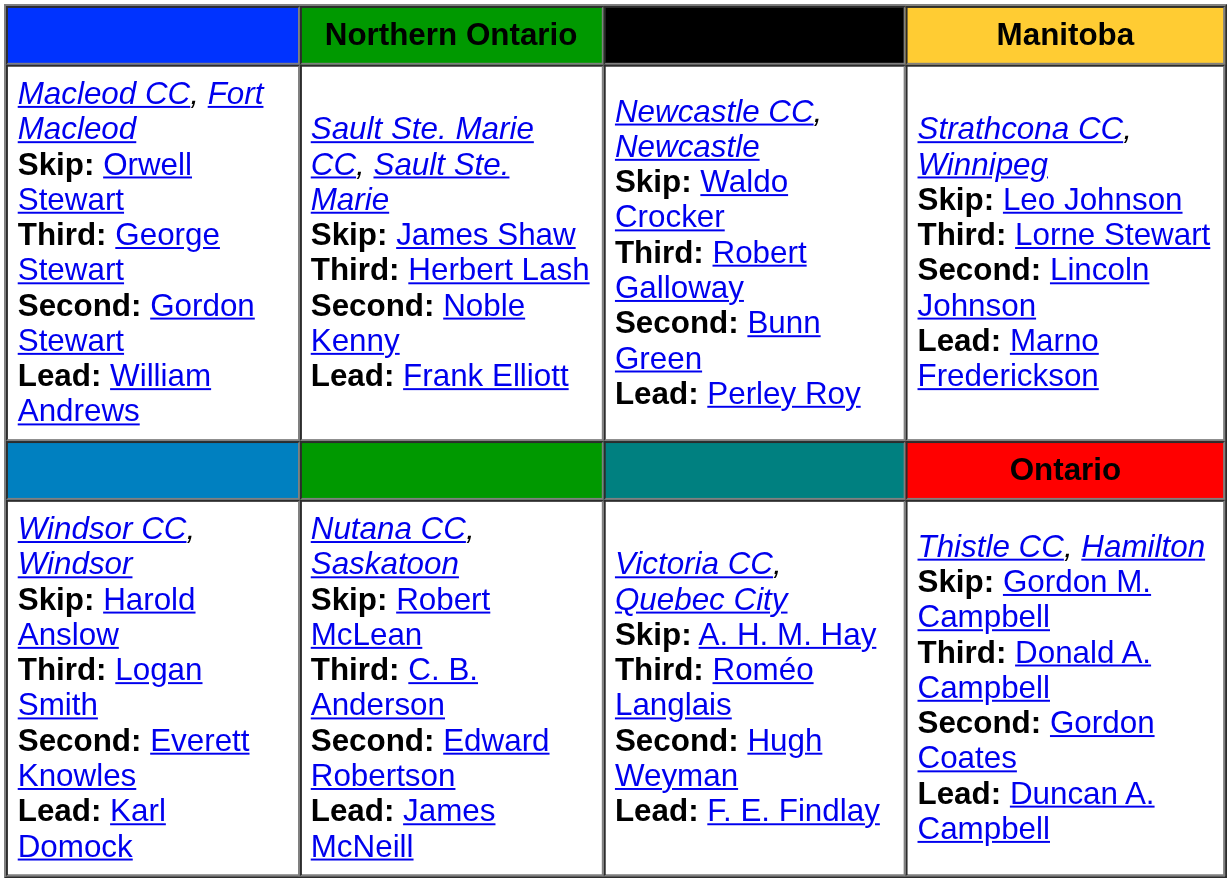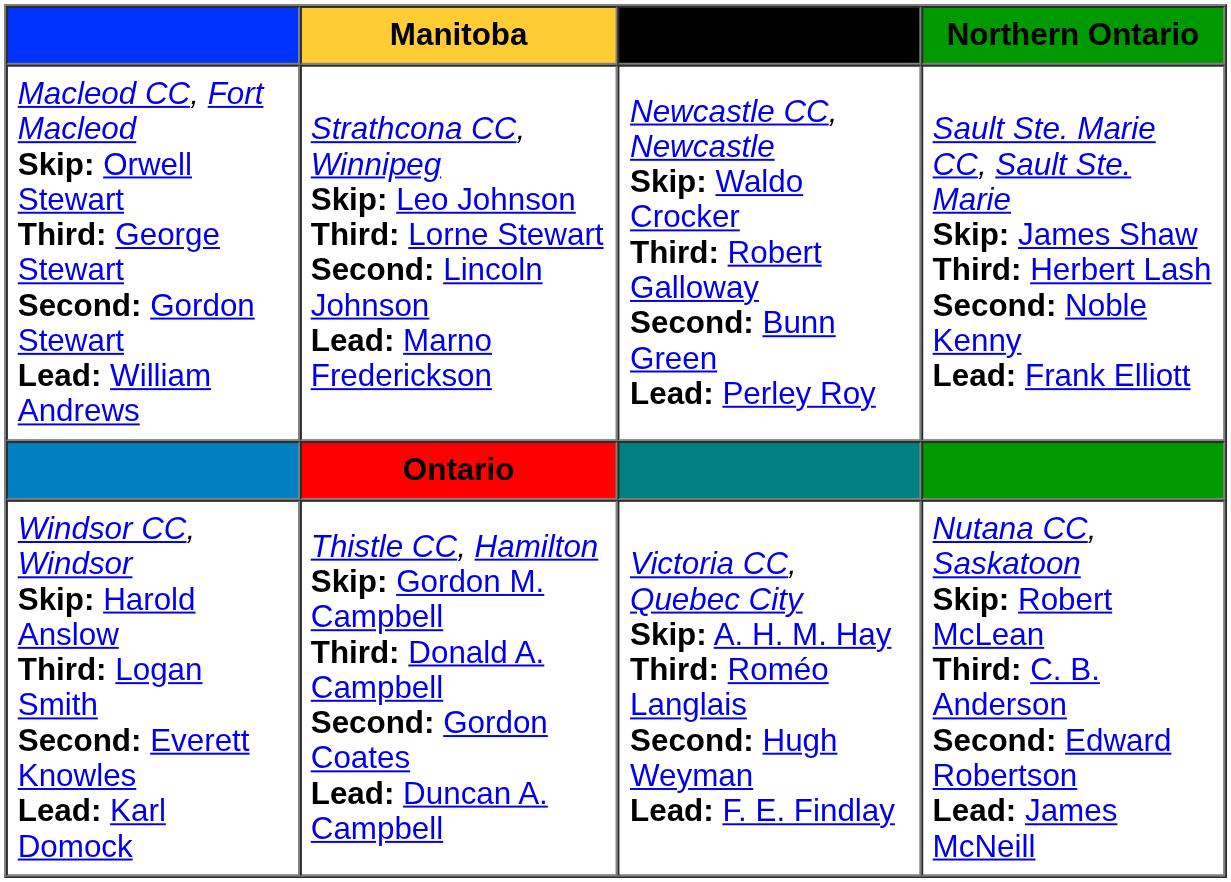 <table - border=1 cellpadding=5 cellspacing=0>
 <tr>
 <th bgcolor=#0033FF width=200></th>
+<th style="background:#FFCC33; width:200px;">Manitoba</th>
+<th bgcolor=#000000 width=200></th>
 <th style="background:#009900; width:200px;">Northern Ontario</th>
-<th bgcolor=#000000 width=200></th>
-<th style="background:#FFCC33; width:200px;">Manitoba</th>
 </tr>
 <tr>
 <td><em><a href='#'>Macleod CC</a>, <a href='#'>Fort Macleod</a></em><br><strong>Skip:</strong> <a href='#'>Orwell Stewart</a><br> <strong>Third:</strong> <a href='#'>George Stewart</a><br> <strong>Second:</strong> <a href='#'>Gordon Stewart</a><br> <strong>Lead:</strong> <a href='#'>William Andrews</a></td>
+<td><em><a href='#'>Strathcona CC</a>, <a href='#'>Winnipeg</a></em><br><strong>Skip:</strong> <a href='#'>Leo Johnson</a><br> <strong>Third:</strong> <a href='#'>Lorne Stewart</a><br> <strong>Second:</strong> <a href='#'>Lincoln Johnson</a><br> <strong>Lead:</strong> <a href='#'>Marno Frederickson</a></td>
+<td><em><a href='#'>Newcastle CC</a>, <a href='#'>Newcastle</a></em><br><strong>Skip:</strong> <a href='#'>Waldo Crocker</a><br> <strong>Third:</strong> <a href='#'>Robert Galloway</a><br> <strong>Second:</strong> <a href='#'>Bunn Green</a><br> <strong>Lead:</strong> <a href='#'>Perley Roy</a></td>
 <td><em><a href='#'>Sault Ste. Marie CC</a>, <a href='#'>Sault Ste. Marie</a></em><br><strong>Skip:</strong> <a href='#'>James Shaw</a><br> <strong>Third:</strong> <a href='#'>Herbert Lash</a><br> <strong>Second:</strong> <a href='#'>Noble Kenny</a><br> <strong>Lead:</strong> <a href='#'>Frank Elliott</a></td>
-<td><em><a href='#'>Newcastle CC</a>, <a href='#'>Newcastle</a></em><br><strong>Skip:</strong> <a href='#'>Waldo Crocker</a><br> <strong>Third:</strong> <a href='#'>Robert Galloway</a><br> <strong>Second:</strong> <a href='#'>Bunn Green</a><br> <strong>Lead:</strong> <a href='#'>Perley Roy</a></td>
-<td><em><a href='#'>Strathcona CC</a>, <a href='#'>Winnipeg</a></em><br><strong>Skip:</strong> <a href='#'>Leo Johnson</a><br> <strong>Third:</strong> <a href='#'>Lorne Stewart</a><br> <strong>Second:</strong> <a href='#'>Lincoln Johnson</a><br> <strong>Lead:</strong> <a href='#'>Marno Frederickson</a></td>
 </tr>
 <tr border=1 cellpadding=5 cellspacing=0>
 <th bgcolor=#0080C0 width=200></th>
+<th bgcolor=#FF0000 width=200>Ontario</th>
+<th style="background:#008080; width:200px;"></th>
 <th bgcolor=#009900 width=200></th>
-<th style="background:#008080; width:200px;"></th>
-<th bgcolor=#FF0000 width=200>Ontario</th>
 </tr>
 <tr>
 <td><em><a href='#'>Windsor CC</a>, <a href='#'>Windsor</a></em><br><strong>Skip:</strong> <a href='#'>Harold Anslow</a><br> <strong>Third:</strong> <a href='#'>Logan Smith</a><br> <strong>Second:</strong> <a href='#'>Everett Knowles</a><br> <strong>Lead:</strong> <a href='#'>Karl Domock</a></td>
+<td><em><a href='#'>Thistle CC</a>, <a href='#'>Hamilton</a></em><br><strong>Skip:</strong> <a href='#'>Gordon M. Campbell</a><br> <strong>Third:</strong> <a href='#'>Donald A. Campbell</a><br> <strong>Second:</strong> <a href='#'>Gordon Coates</a><br> <strong>Lead:</strong> <a href='#'>Duncan A. Campbell</a></td>
+<td><em><a href='#'>Victoria CC</a>, <a href='#'>Quebec City</a></em><br><strong>Skip:</strong> <a href='#'>A. H. M. Hay</a><br> <strong>Third:</strong> <a href='#'>Roméo Langlais</a><br> <strong>Second:</strong> <a href='#'>Hugh Weyman</a><br> <strong>Lead:</strong> <a href='#'>F. E. Findlay</a></td>
 <td><em><a href='#'>Nutana CC</a>, <a href='#'>Saskatoon</a></em><br><strong>Skip:</strong> <a href='#'>Robert McLean</a><br> <strong>Third:</strong> <a href='#'>C. B. Anderson</a><br> <strong>Second:</strong> <a href='#'>Edward Robertson</a><br> <strong>Lead:</strong> <a href='#'>James McNeill</a></td>
-<td><em><a href='#'>Victoria CC</a>, <a href='#'>Quebec City</a></em><br><strong>Skip:</strong> <a href='#'>A. H. M. Hay</a><br> <strong>Third:</strong> <a href='#'>Roméo Langlais</a><br> <strong>Second:</strong> <a href='#'>Hugh Weyman</a><br> <strong>Lead:</strong> <a href='#'>F. E. Findlay</a></td>
-<td><em><a href='#'>Thistle CC</a>, <a href='#'>Hamilton</a></em><br><strong>Skip:</strong> <a href='#'>Gordon M. Campbell</a><br> <strong>Third:</strong> <a href='#'>Donald A. Campbell</a><br> <strong>Second:</strong> <a href='#'>Gordon Coates</a><br> <strong>Lead:</strong> <a href='#'>Duncan A. Campbell</a></td>
 </tr>
 </table>
